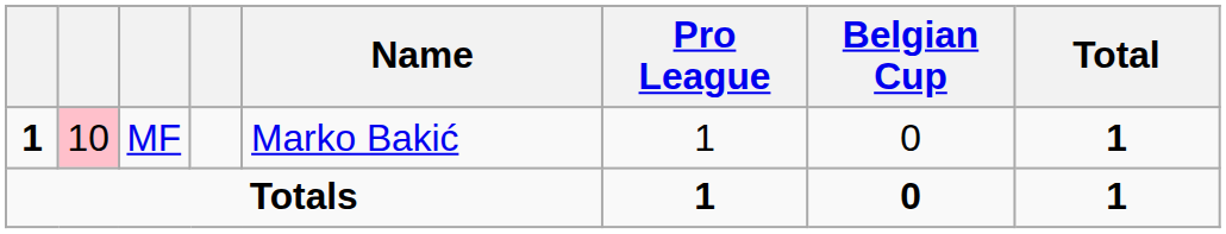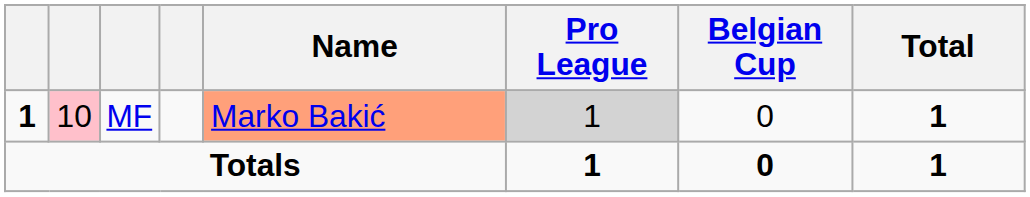 <table class="wikitable" style="text-align:center">
 <tr>
 <th width=15></th>
 <th width=15></th>
 <th width=15></th>
 <th width=15></th>
 <th width=145>Name</th>
 <th width=80><a href='#'>Pro League</a></th>
 <th width=80><a href='#'>Belgian Cup</a></th>
 <th width=80>Total</th>
 </tr>
 <tr>
 <td><strong>1 </strong></td>
 <td style="background: pink;">10</td>
 <td><a href='#'>MF</a></td>
 <td></td>
-<td align=left><a href='#'>Marko Bakić</a></td>
-<td>1</td>
+<td align=left style="background: lightsalmon;"><a href='#'>Marko Bakić</a></td>
+<td style="background: lightgrey;">1</td>
 <td>0</td>
 <td><strong>1 </strong></td>
 </tr>
 <tr>
 <td colspan=5><strong>Totals</strong></td>
 <td><strong>1 </strong></td>
 <td><strong>0 </strong></td>
 <td><strong>1 </strong></td>
 </tr>
 </table>
